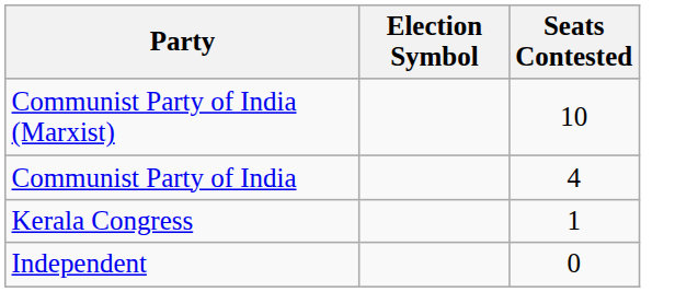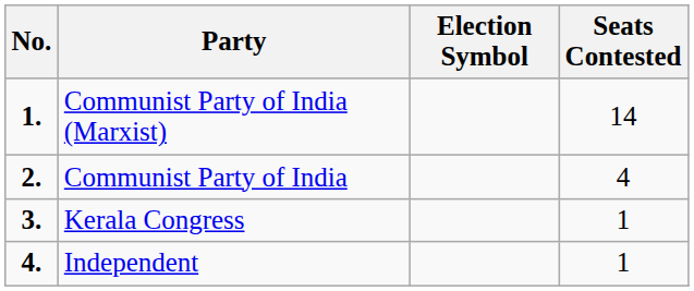 <table class="wikitable">
 <tr>
+<th scope="col" style="width:4px;">No.</th>
 <th scope="col" style="width:200px;">Party</th>
 <th scope="col" style="width:80px;">Election Symbol</th>
 <th scope="col" style="width:60px;">Seats Contested</th>
 </tr>
 <tr style="height: 45px;">
+<td style="text-align:center; background:"><strong>1.</strong></td>
 <td><a href='#'>Communist Party of India (Marxist)</a></td>
 <td></td>
-<td style="text-align:center;">10</td>
+<td style="text-align:center;">14</td>
 </tr>
 <tr style="height: 4px;">
+<td style="text-align:center; background:"><strong>2.</strong></td>
 <td><a href='#'>Communist Party of India</a></td>
 <td></td>
 <td style="text-align:center;">4</td>
 </tr>
 <tr style="height: 4px;">
+<td style="text-align:center; background:"><strong>3.</strong></td>
 <td><a href='#'>Kerala Congress</a></td>
 <td style="text-align:center;"></td>
 <td style="text-align:center;">1</td>
 </tr>
 <tr>
+<td style="text-align:center; background:"><strong>4.</strong></td>
 <td><a href='#'>Independent</a></td>
 <td></td>
-<td style="text-align:center;">0</td>
+<td style="text-align:center;">1</td>
 </tr>
 </table>
